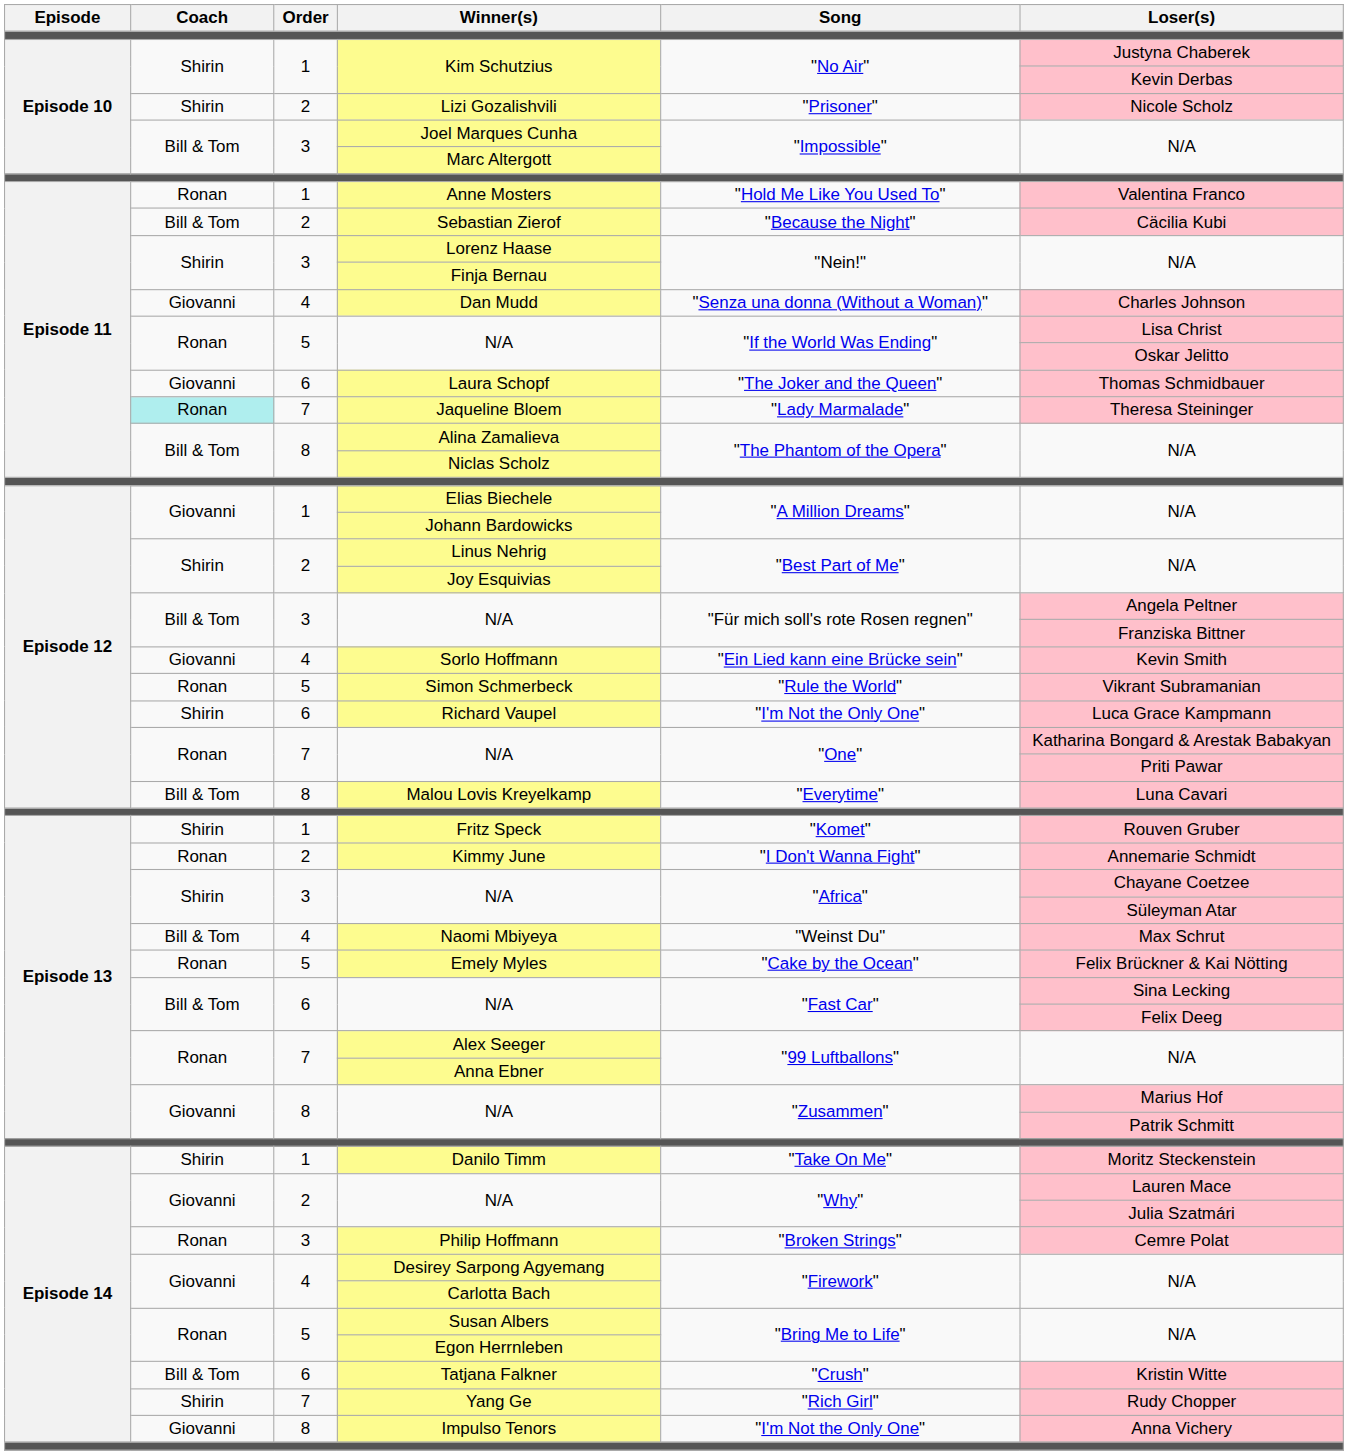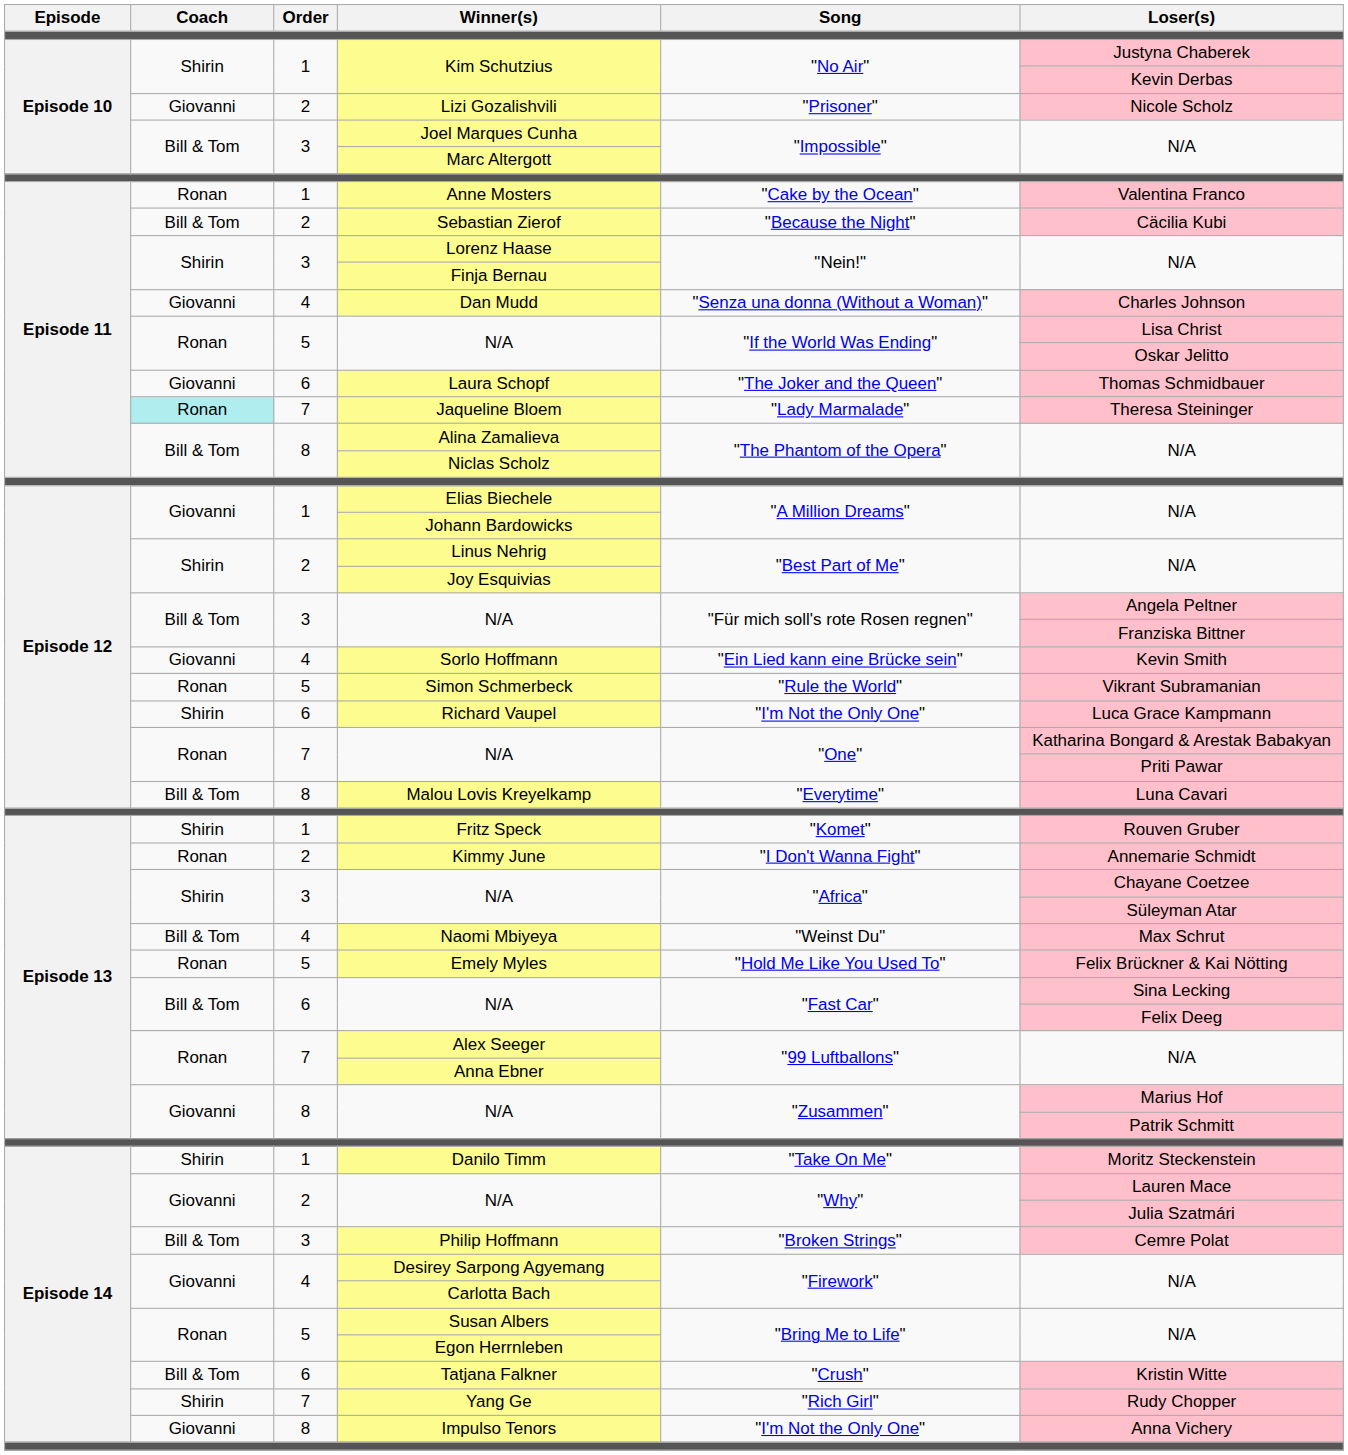 <table class="wikitable" style="text-align: center; width:100%;">
 <tr>
 <th style="width:07%;">Episode</th>
 <th style="width:08%;">Coach</th>
 <th style="width:02%;">Order</th>
 <th style="width:18%;">Winner(s)</th>
 <th style="width:20%;">Song</th>
 <th style="width:18%;">Loser(s)</th>
 </tr>
 <tr>
 <td colspan="6" style="background:#555;"></td>
 </tr>
 <tr>
 <th rowspan="5">Episode 10<br></th>
 <td rowspan="2">Shirin</td>
 <td rowspan="2">1</td>
 <td rowspan="2" style="background:#FDFC8F;">Kim Schutzius</td>
 <td rowspan="2">"<a href='#'>No Air</a>"</td>
 <td style="background: pink;">Justyna Chaberek</td>
 </tr>
 <tr>
 <td style="background: pink;">Kevin Derbas</td>
 </tr>
 <tr>
-<td>Shirin</td>
+<td>Giovanni</td>
 <td>2</td>
 <td style="background:#FDFC8F;">Lizi Gozalishvili</td>
 <td>"<a href='#'>Prisoner</a>"</td>
 <td style="background: pink;">Nicole Scholz</td>
 </tr>
 <tr>
 <td rowspan="2">Bill & Tom</td>
 <td rowspan="2">3</td>
 <td style="background:#FDFC8F;">Joel Marques Cunha</td>
 <td rowspan="2">"<a href='#'>Impossible</a>"</td>
 <td rowspan="2">N/A</td>
 </tr>
 <tr>
 <td style="background:#FDFC8F;">Marc Altergott</td>
 </tr>
 <tr>
 <td colspan="6" style="background:#555;"></td>
 </tr>
 <tr>
 <th rowspan="11">Episode 11<br></th>
 <td>Ronan</td>
 <td>1</td>
 <td style="background:#FDFC8F;">Anne Mosters</td>
-<td>"<a href='#'>Hold Me Like You Used To</a>"</td>
+<td>"<a href='#'>Cake by the Ocean</a>"</td>
 <td style="background: pink;">Valentina Franco</td>
 </tr>
 <tr>
 <td>Bill & Tom</td>
 <td>2</td>
 <td style="background:#FDFC8F;">Sebastian Zierof</td>
 <td>"<a href='#'>Because the Night</a>"</td>
 <td style="background: pink;">Cäcilia Kubi</td>
 </tr>
 <tr>
 <td rowspan="2">Shirin</td>
 <td rowspan="2">3</td>
 <td style="background:#FDFC8F;">Lorenz Haase</td>
 <td rowspan="2">"Nein!"</td>
 <td rowspan="2">N/A</td>
 </tr>
 <tr>
 <td style="background:#FDFC8F;">Finja Bernau</td>
 </tr>
 <tr>
 <td>Giovanni</td>
 <td>4</td>
 <td style="background:#FDFC8F;">Dan Mudd</td>
 <td>"<a href='#'>Senza una donna (Without a Woman)</a>"</td>
 <td style="background: pink;">Charles Johnson</td>
 </tr>
 <tr>
 <td rowspan="2">Ronan</td>
 <td rowspan="2">5</td>
 <td rowspan="2">N/A</td>
 <td rowspan="2">"<a href='#'>If the World Was Ending</a>"</td>
 <td style="background: pink;">Lisa Christ</td>
 </tr>
 <tr>
 <td style="background: pink;">Oskar Jelitto</td>
 </tr>
 <tr>
 <td>Giovanni</td>
 <td>6</td>
 <td style="background:#FDFC8F;">Laura Schopf</td>
 <td>"<a href='#'>The Joker and the Queen</a>"</td>
 <td style="background: pink;">Thomas Schmidbauer</td>
 </tr>
 <tr>
 <td style="background: paleturquoise;">Ronan</td>
 <td>7</td>
 <td style="background:#FDFC8F;">Jaqueline Bloem</td>
 <td>"<a href='#'>Lady Marmalade</a>"</td>
 <td style="background: pink;">Theresa Steininger</td>
 </tr>
 <tr>
 <td rowspan="2">Bill & Tom</td>
 <td rowspan="2">8</td>
 <td style="background:#FDFC8F;">Alina Zamalieva</td>
 <td rowspan="2">"<a href='#'>The Phantom of the Opera</a>"</td>
 <td rowspan="2">N/A</td>
 </tr>
 <tr>
 <td style="background:#FDFC8F;">Niclas Scholz</td>
 </tr>
 <tr>
 <td colspan="6" style="background:#555;"></td>
 </tr>
 <tr>
 <th rowspan="13">Episode 12<br></th>
 </tr>
 <tr>
 <td rowspan="2">Giovanni</td>
 <td rowspan="2">1</td>
 <td style="background:#FDFC8F;">Elias Biechele</td>
 <td rowspan="2">"<a href='#'>A Million Dreams</a>"</td>
 <td rowspan="2">N/A</td>
 </tr>
 <tr>
 <td style="background:#FDFC8F;">Johann Bardowicks</td>
 </tr>
 <tr>
 <td rowspan="2">Shirin</td>
 <td rowspan="2">2</td>
 <td style="background:#FDFC8F;">Linus Nehrig</td>
 <td rowspan="2">"<a href='#'>Best Part of Me</a>"</td>
 <td rowspan="2">N/A</td>
 </tr>
 <tr>
 <td style="background:#FDFC8F;">Joy Esquivias</td>
 </tr>
 <tr>
 <td rowspan="2">Bill & Tom</td>
 <td rowspan="2">3</td>
 <td rowspan="2">N/A</td>
 <td rowspan="2">"Für mich soll's rote Rosen regnen"</td>
 <td style="background: pink;">Angela Peltner</td>
 </tr>
 <tr>
 <td style="background: pink;">Franziska Bittner</td>
 </tr>
 <tr>
 <td>Giovanni</td>
 <td>4</td>
 <td style="background:#FDFC8F;">Sorlo Hoffmann</td>
 <td>"<a href='#'>Ein Lied kann eine Brücke sein</a>"</td>
 <td style="background: pink;">Kevin Smith</td>
 </tr>
 <tr>
 <td>Ronan</td>
 <td>5</td>
 <td style="background:#FDFC8F;">Simon Schmerbeck</td>
 <td>"<a href='#'>Rule the World</a>"</td>
 <td style="background: pink;">Vikrant Subramanian</td>
 </tr>
 <tr>
 <td>Shirin</td>
 <td>6</td>
 <td style="background:#FDFC8F;">Richard Vaupel</td>
 <td>"<a href='#'>I'm Not the Only One</a>"</td>
 <td style="background: pink;">Luca Grace Kampmann</td>
 </tr>
 <tr>
 <td rowspan="2">Ronan</td>
 <td rowspan="2">7</td>
 <td rowspan="2">N/A</td>
 <td rowspan="2">"<a href='#'>One</a>"</td>
 <td style="background: pink;">Katharina Bongard & Arestak Babakyan</td>
 </tr>
 <tr>
 <td style="background: pink;">Priti Pawar</td>
 </tr>
 <tr>
 <td>Bill & Tom</td>
 <td>8</td>
 <td style="background:#FDFC8F;">Malou Lovis Kreyelkamp</td>
 <td>"<a href='#'>Everytime</a>"</td>
 <td style="background: pink;">Luna Cavari</td>
 </tr>
 <tr>
 <td colspan="6" style="background:#555;"></td>
 </tr>
 <tr>
 <th rowspan="12">Episode 13<br></th>
 <td>Shirin</td>
 <td>1</td>
 <td style="background:#FDFC8F;">Fritz Speck⁠</td>
 <td>"<a href='#'>Komet</a>"</td>
 <td style="background: pink;">Rouven Gruber</td>
 </tr>
 <tr>
 <td>Ronan</td>
 <td>2</td>
 <td style="background:#FDFC8F;">Kimmy June</td>
 <td>"<a href='#'>I Don't Wanna Fight</a>"</td>
 <td style="background: pink;">Annemarie Schmidt</td>
 </tr>
 <tr>
 <td rowspan="2">Shirin</td>
 <td rowspan="2">3</td>
 <td rowspan="2">N/A</td>
 <td rowspan="2">"<a href='#'>Africa</a>"</td>
 <td style="background: pink;">Chayane Coetzee</td>
 </tr>
 <tr>
 <td style="background: pink;">Süleyman Atar</td>
 </tr>
 <tr>
 <td>Bill & Tom</td>
 <td>4</td>
 <td style="background:#FDFC8F;">Naomi Mbiyeya</td>
 <td>"Weinst Du"</td>
 <td style="background: pink;">Max Schrut</td>
 </tr>
 <tr>
 <td>Ronan</td>
 <td>5</td>
 <td style="background:#FDFC8F;">Emely Myles</td>
-<td>"<a href='#'>Cake by the Ocean</a>"</td>
+<td>"<a href='#'>Hold Me Like You Used To</a>"</td>
 <td style="background: pink;">Felix Brückner & Kai Nötting</td>
 </tr>
 <tr>
 <td rowspan="2">Bill & Tom</td>
 <td rowspan="2">6</td>
 <td rowspan="2">N/A</td>
 <td rowspan="2">"<a href='#'>Fast Car</a>"</td>
 <td style="background: pink;">Sina Lecking</td>
 </tr>
 <tr>
 <td style="background: pink;">Felix Deeg</td>
 </tr>
 <tr>
 <td rowspan="2">Ronan</td>
 <td rowspan="2">7</td>
 <td style="background:#FDFC8F;">Alex Seeger</td>
 <td rowspan="2">"<a href='#'>99 Luftballons</a>"</td>
 <td rowspan="2">N/A</td>
 </tr>
 <tr>
 <td style="background:#FDFC8F;">Anna Ebner</td>
 </tr>
 <tr>
 <td rowspan="2">Giovanni</td>
 <td rowspan="2">8</td>
 <td rowspan="2">N/A</td>
 <td rowspan="2">"<a href='#'>Zusammen</a>"</td>
 <td style="background: pink;">Marius Hof</td>
 </tr>
 <tr>
 <td style="background: pink;">Patrik Schmitt</td>
 </tr>
 <tr>
 <td colspan="6" style="background:#555;"></td>
 </tr>
 <tr>
 <th rowspan="11">Episode 14<br></th>
 <td>Shirin</td>
 <td>1</td>
 <td style="background:#FDFC8F;">Danilo Timm</td>
 <td>"<a href='#'>Take On Me</a>"</td>
 <td style="background: pink;">Moritz Steckenstein</td>
 </tr>
 <tr>
 <td rowspan="2">Giovanni</td>
 <td rowspan="2">2</td>
 <td rowspan="2">N/A</td>
 <td rowspan="2">"<a href='#'>Why</a>"</td>
 <td style="background: pink;">Lauren Mace</td>
 </tr>
 <tr>
 <td style="background: pink;">Julia Szatmári</td>
 </tr>
 <tr>
-<td>Ronan</td>
+<td>Bill & Tom</td>
 <td>3</td>
 <td style="background:#FDFC8F;">Philip Hoffmann</td>
 <td>"<a href='#'>Broken Strings</a>"</td>
 <td style="background: pink;">Cemre Polat</td>
 </tr>
 <tr>
 <td rowspan="2">Giovanni</td>
 <td rowspan="2">4</td>
 <td style="background:#FDFC8F;">Desirey Sarpong Agyemang</td>
 <td rowspan="2">"<a href='#'>Firework</a>"</td>
 <td rowspan="2">N/A</td>
 </tr>
 <tr>
 <td style="background:#FDFC8F;">Carlotta Bach</td>
 </tr>
 <tr>
 <td rowspan="2">Ronan</td>
 <td rowspan="2">5</td>
 <td style="background:#FDFC8F;">Susan Albers</td>
 <td rowspan="2">"<a href='#'>Bring Me to Life</a>"</td>
 <td rowspan="2">N/A</td>
 </tr>
 <tr>
 <td style="background:#FDFC8F;">Egon Herrnleben</td>
 </tr>
 <tr>
 <td>Bill & Tom</td>
 <td>6</td>
 <td style="background:#FDFC8F;">Tatjana Falkner</td>
 <td>"<a href='#'>Crush</a>"</td>
 <td style="background: pink;">Kristin Witte</td>
 </tr>
 <tr>
 <td>Shirin</td>
 <td>7</td>
 <td style="background:#FDFC8F;">Yang Ge</td>
 <td>"<a href='#'>Rich Girl</a>"</td>
 <td style="background: pink;">Rudy Chopper</td>
 </tr>
 <tr>
 <td>Giovanni</td>
 <td>8</td>
 <td style="background:#FDFC8F;">Impulso Tenors</td>
 <td>"<a href='#'>I'm Not the Only One</a>"</td>
 <td style="background: pink;">Anna Vichery</td>
 </tr>
 <tr>
 <td colspan="6" style="background:#555;"></td>
 </tr>
 <tr>
 </tr>
 </table>
